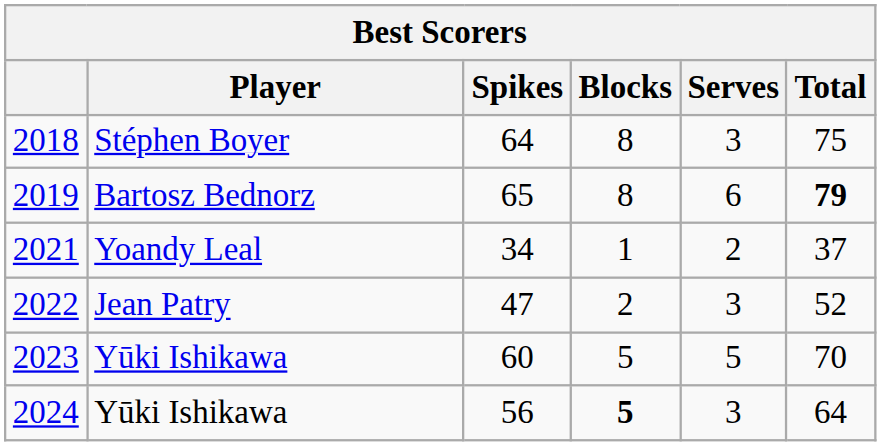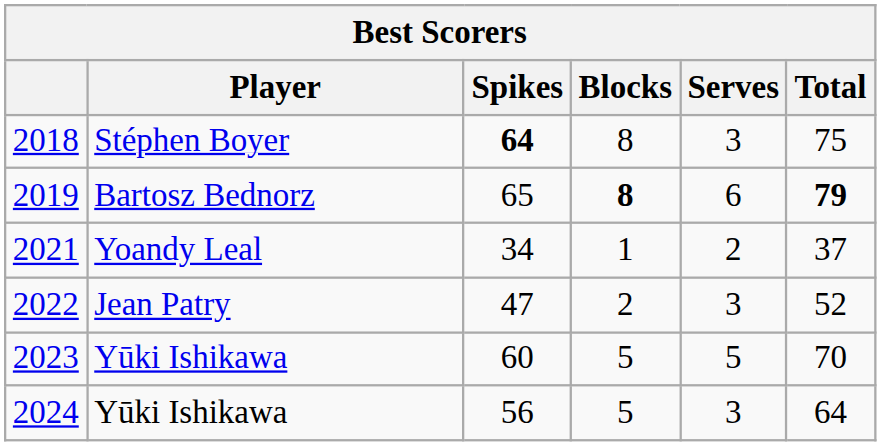 <table class="wikitable sortable" style=font-size:90%>
 <tr>
 <th colspan=6>Best Scorers</th>
 </tr>
 <tr>
 <th></th>
 <th width=158>Player</th>
 <th width=20>Spikes</th>
 <th width=20>Blocks</th>
 <th width=20>Serves</th>
 <th width=20>Total</th>
 </tr>
 <tr>
 <td><a href='#'>2018</a></td>
 <td> <a href='#'>Stéphen Boyer</a></td>
-<td align=center>64</td>
+<td align=center><strong>64</strong></td>
 <td align=center>8</td>
 <td align=center>3</td>
 <td align=center>75</td>
 </tr>
 <tr>
 <td><a href='#'>2019</a></td>
 <td> <a href='#'>Bartosz Bednorz</a></td>
 <td align=center>65</td>
-<td align=center>8</td>
+<td align=center><strong>8</strong></td>
 <td align=center>6</td>
 <td align=center><strong>79</strong></td>
 </tr>
 <tr>
 <td><a href='#'>2021</a></td>
 <td> <a href='#'>Yoandy Leal</a></td>
 <td align=center>34</td>
 <td align=center>1</td>
 <td align=center>2</td>
 <td align=center>37</td>
 </tr>
 <tr>
 <td><a href='#'>2022</a></td>
 <td> <a href='#'>Jean Patry</a></td>
 <td align=center>47</td>
 <td align=center>2</td>
 <td align=center>3</td>
 <td align=center>52</td>
 </tr>
 <tr>
 <td><a href='#'>2023</a></td>
 <td> <a href='#'>Yūki Ishikawa</a></td>
 <td align=center>60</td>
 <td align=center>5</td>
 <td align=center>5</td>
 <td align=center>70</td>
 </tr>
 <tr>
 <td><a href='#'>2024</a></td>
 <td> Yūki Ishikawa</td>
 <td align=center>56</td>
-<td align=center><strong>5</strong></td>
+<td align=center>5</td>
 <td align=center>3</td>
 <td align=center>64</td>
 </tr>
 </table>
